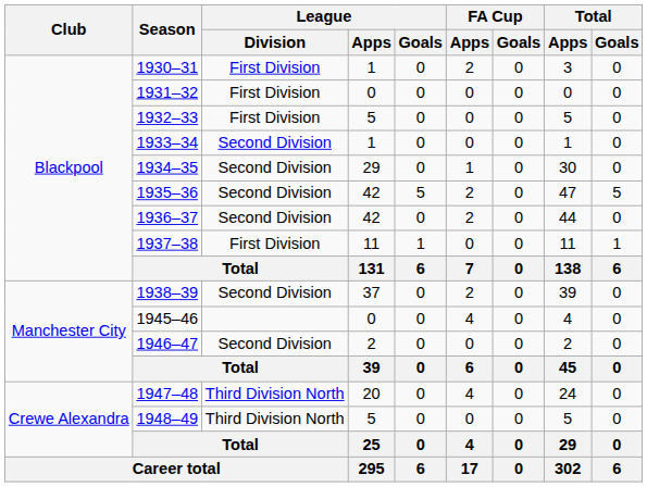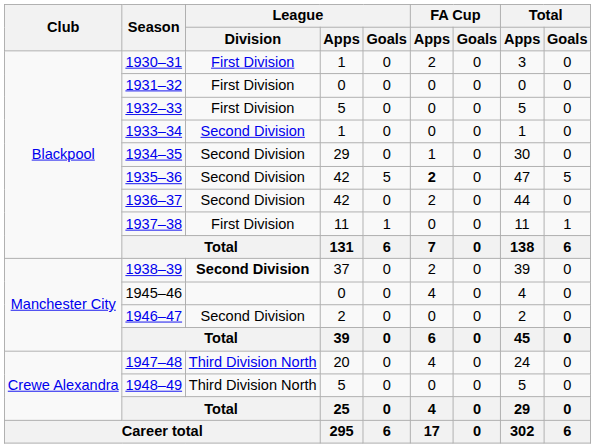 <table class="wikitable" style="text-align: center;">
 <tr>
 <th rowspan="2">Club</th>
 <th rowspan="2">Season</th>
 <th colspan="3">League</th>
 <th colspan="2">FA Cup</th>
 <th colspan="2">Total</th>
 </tr>
 <tr>
 <th>Division</th>
 <th>Apps</th>
 <th>Goals</th>
 <th>Apps</th>
 <th>Goals</th>
 <th>Apps</th>
 <th>Goals</th>
 </tr>
 <tr>
 <td rowspan="9"><a href='#'>Blackpool</a></td>
 <td><a href='#'>1930–31</a></td>
 <td><a href='#'>First Division</a></td>
 <td>1</td>
 <td>0</td>
 <td>2</td>
 <td>0</td>
 <td>3</td>
 <td>0</td>
 </tr>
 <tr>
 <td><a href='#'>1931–32</a></td>
 <td>First Division</td>
 <td>0</td>
 <td>0</td>
 <td>0</td>
 <td>0</td>
 <td>0</td>
 <td>0</td>
 </tr>
 <tr>
 <td><a href='#'>1932–33</a></td>
 <td>First Division</td>
 <td>5</td>
 <td>0</td>
 <td>0</td>
 <td>0</td>
 <td>5</td>
 <td>0</td>
 </tr>
 <tr>
 <td><a href='#'>1933–34</a></td>
 <td><a href='#'>Second Division</a></td>
 <td>1</td>
 <td>0</td>
 <td>0</td>
 <td>0</td>
 <td>1</td>
 <td>0</td>
 </tr>
 <tr>
 <td><a href='#'>1934–35</a></td>
 <td>Second Division</td>
 <td>29</td>
 <td>0</td>
 <td>1</td>
 <td>0</td>
 <td>30</td>
 <td>0</td>
 </tr>
 <tr>
 <td><a href='#'>1935–36</a></td>
 <td>Second Division</td>
 <td>42</td>
 <td>5</td>
-<td>2</td>
+<td><strong>2</strong></td>
 <td>0</td>
 <td>47</td>
 <td>5</td>
 </tr>
 <tr>
 <td><a href='#'>1936–37</a></td>
 <td>Second Division</td>
 <td>42</td>
 <td>0</td>
 <td>2</td>
 <td>0</td>
 <td>44</td>
 <td>0</td>
 </tr>
 <tr>
 <td><a href='#'>1937–38</a></td>
 <td>First Division</td>
 <td>11</td>
 <td>1</td>
 <td>0</td>
 <td>0</td>
 <td>11</td>
 <td>1</td>
 </tr>
 <tr>
 <th colspan="2">Total</th>
 <th>131</th>
 <th>6</th>
 <th>7</th>
 <th>0</th>
 <th>138</th>
 <th>6</th>
 </tr>
 <tr>
 <td rowspan="4"><a href='#'>Manchester City</a></td>
 <td><a href='#'>1938–39</a></td>
-<td>Second Division</td>
+<td><strong>Second Division</strong></td>
 <td>37</td>
 <td>0</td>
 <td>2</td>
 <td>0</td>
 <td>39</td>
 <td>0</td>
 </tr>
 <tr>
 <td>1945–46</td>
 <td></td>
 <td>0</td>
 <td>0</td>
 <td>4</td>
 <td>0</td>
 <td>4</td>
 <td>0</td>
 </tr>
 <tr>
 <td><a href='#'>1946–47</a></td>
 <td>Second Division</td>
 <td>2</td>
 <td>0</td>
 <td>0</td>
 <td>0</td>
 <td>2</td>
 <td>0</td>
 </tr>
 <tr>
 <th colspan="2">Total</th>
 <th>39</th>
 <th>0</th>
 <th>6</th>
 <th>0</th>
 <th>45</th>
 <th>0</th>
 </tr>
 <tr>
 <td rowspan="3"><a href='#'>Crewe Alexandra</a></td>
 <td><a href='#'>1947–48</a></td>
 <td><a href='#'>Third Division North</a></td>
 <td>20</td>
 <td>0</td>
 <td>4</td>
 <td>0</td>
 <td>24</td>
 <td>0</td>
 </tr>
 <tr>
 <td><a href='#'>1948–49</a></td>
 <td>Third Division North</td>
 <td>5</td>
 <td>0</td>
 <td>0</td>
 <td>0</td>
 <td>5</td>
 <td>0</td>
 </tr>
 <tr>
 <th colspan="2">Total</th>
 <th>25</th>
 <th>0</th>
 <th>4</th>
 <th>0</th>
 <th>29</th>
 <th>0</th>
 </tr>
 <tr>
 <th colspan="3">Career total</th>
 <th>295</th>
 <th>6</th>
 <th>17</th>
 <th>0</th>
 <th>302</th>
 <th>6</th>
 </tr>
 </table>
